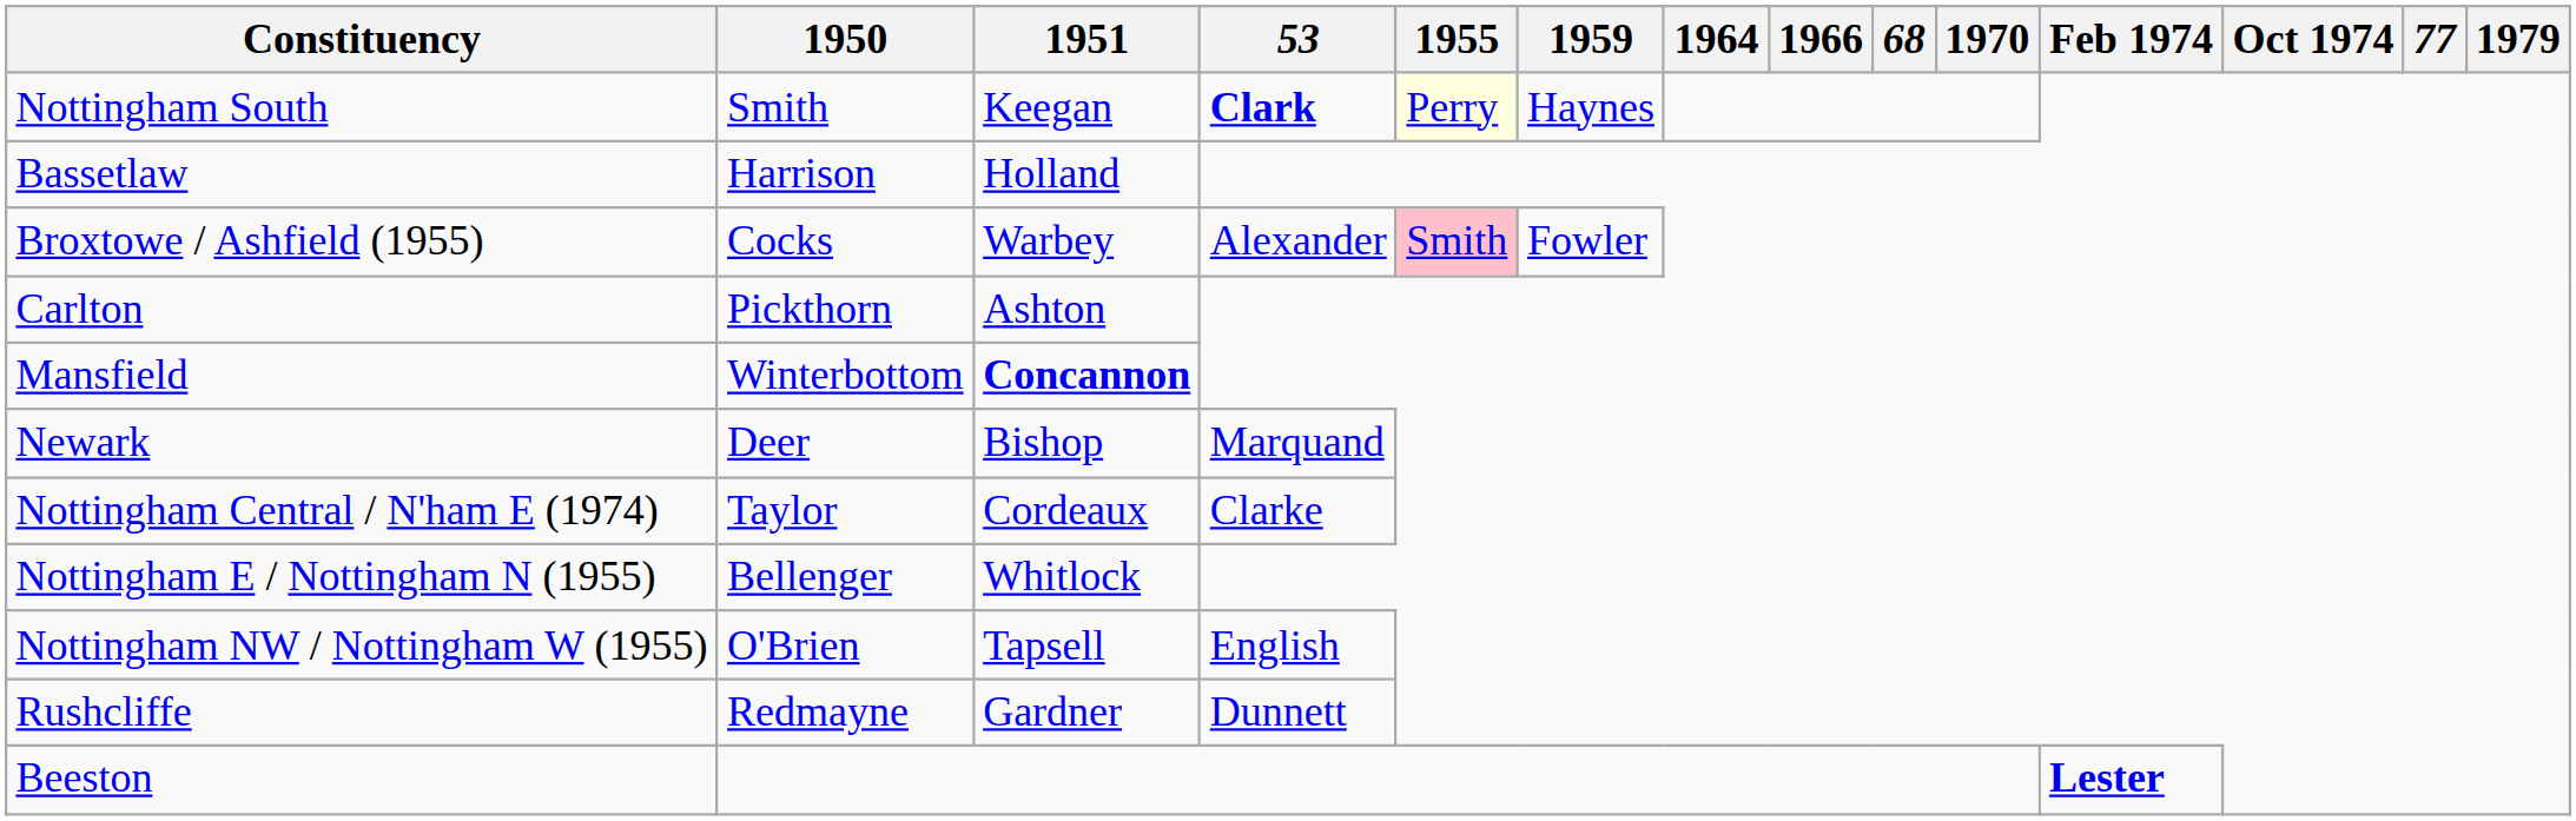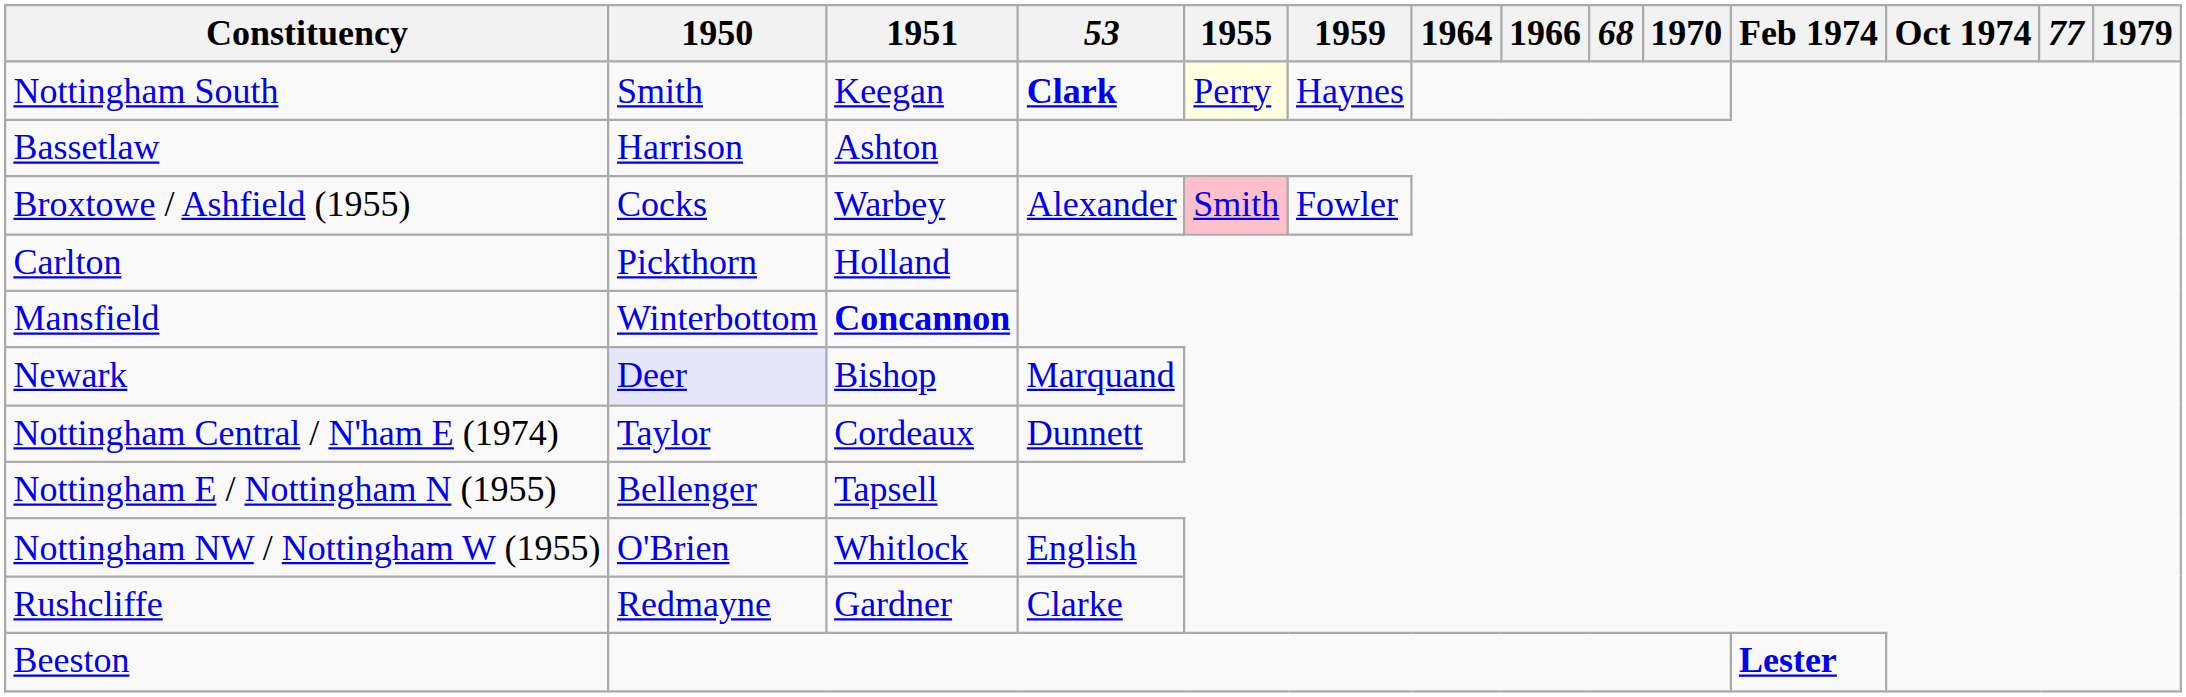 <table class="wikitable">
 <tr>
 <th>Constituency</th>
 <th>1950</th>
 <th>1951</th>
 <th><em>53</em></th>
 <th>1955</th>
 <th>1959</th>
 <th>1964</th>
 <th>1966</th>
 <th><em>68</em></th>
 <th>1970</th>
 <th>Feb 1974</th>
 <th>Oct 1974</th>
 <th><em>77</em></th>
 <th>1979</th>
 </tr>
 <tr>
 <td><a href='#'>Nottingham South</a></td>
 <td><a href='#'>Smith</a></td>
 <td><a href='#'>Keegan</a></td>
 <td><strong><a href='#'>Clark</a></strong></td>
 <td style="background: lightyellow;"><a href='#'>Perry</a></td>
 <td><a href='#'>Haynes</a></td>
 <td colspan="4"></td>
 </tr>
 <tr>
 <td><a href='#'>Bassetlaw</a></td>
 <td><a href='#'>Harrison</a></td>
-<td><a href='#'>Holland</a></td>
+<td><a href='#'>Ashton</a></td>
 </tr>
 <tr>
 <td><a href='#'>Broxtowe</a> / <a href='#'>Ashfield</a> (1955)</td>
 <td><a href='#'>Cocks</a></td>
 <td><a href='#'>Warbey</a></td>
 <td><a href='#'>Alexander</a></td>
 <td style="background: pink;"><a href='#'>Smith</a></td>
 <td><a href='#'>Fowler</a></td>
 </tr>
 <tr>
 <td><a href='#'>Carlton</a></td>
 <td><a href='#'>Pickthorn</a></td>
-<td><a href='#'>Ashton</a></td>
+<td><a href='#'>Holland</a></td>
 </tr>
 <tr>
 <td><a href='#'>Mansfield</a></td>
 <td><a href='#'>Winterbottom</a></td>
 <td><strong><a href='#'>Concannon</a></strong></td>
 </tr>
 <tr>
 <td><a href='#'>Newark</a></td>
-<td><a href='#'>Deer</a></td>
+<td style="background: lavender;"><a href='#'>Deer</a></td>
 <td><a href='#'>Bishop</a></td>
 <td><a href='#'>Marquand</a></td>
 </tr>
 <tr>
 <td><a href='#'>Nottingham Central</a> / <a href='#'>N'ham E</a> (1974)</td>
 <td><a href='#'>Taylor</a></td>
 <td><a href='#'>Cordeaux</a></td>
-<td><a href='#'>Clarke</a></td>
+<td><a href='#'>Dunnett</a></td>
 </tr>
 <tr>
 <td><a href='#'>Nottingham E</a> / <a href='#'>Nottingham N</a> (1955)</td>
 <td><a href='#'>Bellenger</a></td>
-<td><a href='#'>Whitlock</a></td>
+<td><a href='#'>Tapsell</a></td>
 </tr>
 <tr>
 <td><a href='#'>Nottingham NW</a> / <a href='#'>Nottingham W</a> (1955)</td>
 <td><a href='#'>O'Brien</a></td>
-<td><a href='#'>Tapsell</a></td>
+<td><a href='#'>Whitlock</a></td>
 <td><a href='#'>English</a></td>
 </tr>
 <tr>
 <td><a href='#'>Rushcliffe</a></td>
 <td><a href='#'>Redmayne</a></td>
 <td><a href='#'>Gardner</a></td>
-<td><a href='#'>Dunnett</a></td>
+<td><a href='#'>Clarke</a></td>
 </tr>
 <tr>
 <td><a href='#'>Beeston</a></td>
 <td colspan="9"></td>
 <td><strong><a href='#'>Lester</a></strong></td>
 </tr>
 </table>
